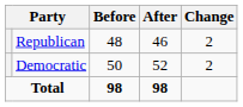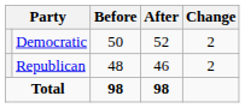 <table class="wikitable" style="text-align:center;">
 <tr>
 <th colspan="2">Party</th>
 <th>Before</th>
 <th>After</th>
 <th>Change</th>
 </tr>
 <tr>
 <th style="background-color:"></th>
-<td style="text-align:left;"><a href='#'>Republican</a></td>
-<td>48</td>
-<td>46</td>
+<td style="text-align:left;"><a href='#'>Democratic</a></td>
+<td>50</td>
+<td>52</td>
 <td> 2</td>
 </tr>
 <tr>
 <th style="background-color:"></th>
-<td style="text-align:left;"><a href='#'>Democratic</a></td>
-<td>50</td>
-<td>52</td>
+<td style="text-align:left;"><a href='#'>Republican</a></td>
+<td>48</td>
+<td>46</td>
 <td> 2</td>
 </tr>
 <tr>
 <td colspan="2"><strong>Total</strong></td>
 <td><strong>98</strong></td>
 <td><strong>98</strong></td>
 <td></td>
 </tr>
 </table>
